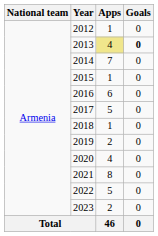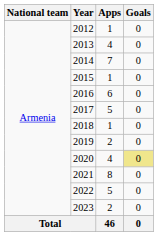 <table class="wikitable" style="text-align:center">
 <tr>
 <th>National team</th>
 <th>Year</th>
 <th>Apps</th>
 <th>Goals</th>
 </tr>
 <tr>
 <td rowspan="12"><a href='#'>Armenia</a></td>
 <td>2012</td>
 <td>1</td>
 <td>0</td>
 </tr>
 <tr>
 <td>2013</td>
-<td style="background: khaki;">4</td>
-<td><strong>0</strong></td>
+<td>4</td>
+<td>0</td>
 </tr>
 <tr>
 <td>2014</td>
 <td>7</td>
 <td>0</td>
 </tr>
 <tr>
 <td>2015</td>
 <td>1</td>
 <td>0</td>
 </tr>
 <tr>
 <td>2016</td>
 <td>6</td>
 <td>0</td>
 </tr>
 <tr>
 <td>2017</td>
 <td>5</td>
 <td>0</td>
 </tr>
 <tr>
 <td>2018</td>
 <td>1</td>
 <td>0</td>
 </tr>
 <tr>
 <td>2019</td>
 <td>2</td>
 <td>0</td>
 </tr>
 <tr>
 <td>2020</td>
 <td>4</td>
-<td>0</td>
+<td style="background: khaki;">0</td>
 </tr>
 <tr>
 <td>2021</td>
 <td>8</td>
 <td>0</td>
 </tr>
 <tr>
 <td>2022</td>
 <td>5</td>
 <td>0</td>
 </tr>
 <tr>
 <td>2023</td>
 <td>2</td>
 <td>0</td>
 </tr>
 <tr>
 <th colspan="2">Total</th>
 <th>46</th>
 <th>0</th>
 </tr>
 </table>
